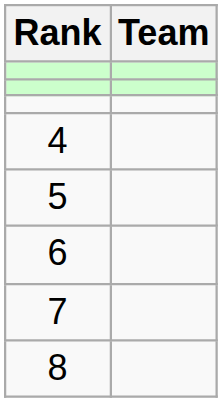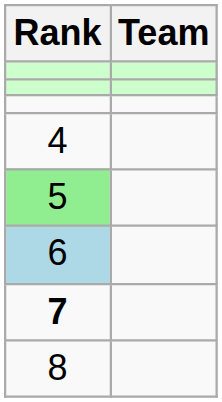 <table class="wikitable">
 <tr>
 <th>Rank</th>
 <th>Team</th>
 </tr>
 <tr bgcolor=ccffcc>
 <td align=center></td>
 <td></td>
 </tr>
 <tr bgcolor=ccffcc>
 <td align=center></td>
 <td></td>
 </tr>
 <tr>
 <td align=center></td>
 <td></td>
 </tr>
 <tr>
 <td align=center>4</td>
 <td></td>
 </tr>
 <tr>
-<td align=center>5</td>
+<td align=center style="background: lightgreen;">5</td>
 <td></td>
 </tr>
 <tr>
-<td align=center>6</td>
+<td align=center style="background: lightblue;">6</td>
 <td></td>
 </tr>
 <tr>
-<td align=center>7</td>
+<td align=center><strong>7</strong></td>
 <td></td>
 </tr>
 <tr>
 <td align=center>8</td>
 <td></td>
 </tr>
 </table>
